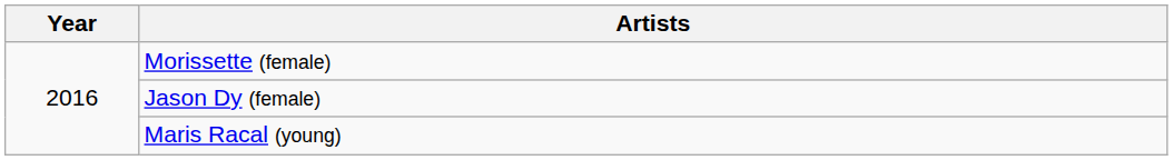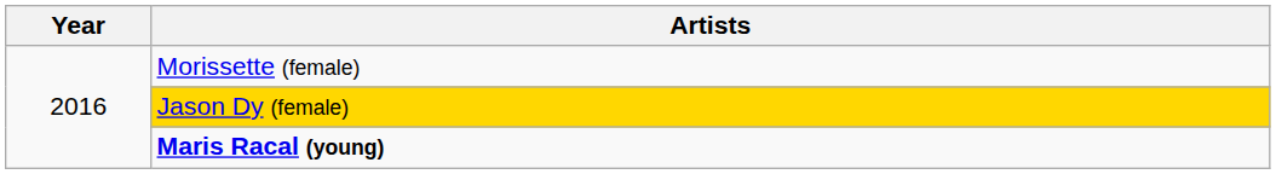 <table class="wikitable sortable"  style="width:50%;">
 <tr>
 <th width=5%  scope="col">Year</th>
 <th ! width=40%  scope="col">Artists</th>
 </tr>
 <tr>
 <td rowspan=3 align="center">2016</td>
 <td><a href='#'>Morissette</a> <small>(female)</small></td>
 </tr>
 <tr>
-<td><a href='#'>Jason Dy</a> <small>(female)</small></td>
+<td style="background: gold;"><a href='#'>Jason Dy</a> <small>(female)</small></td>
 </tr>
 <tr>
-<td><a href='#'>Maris Racal</a> <small>(young)</small></td>
+<td><strong><a href='#'>Maris Racal</a> <small>(young)</small></strong></td>
 </tr>
 </table>
